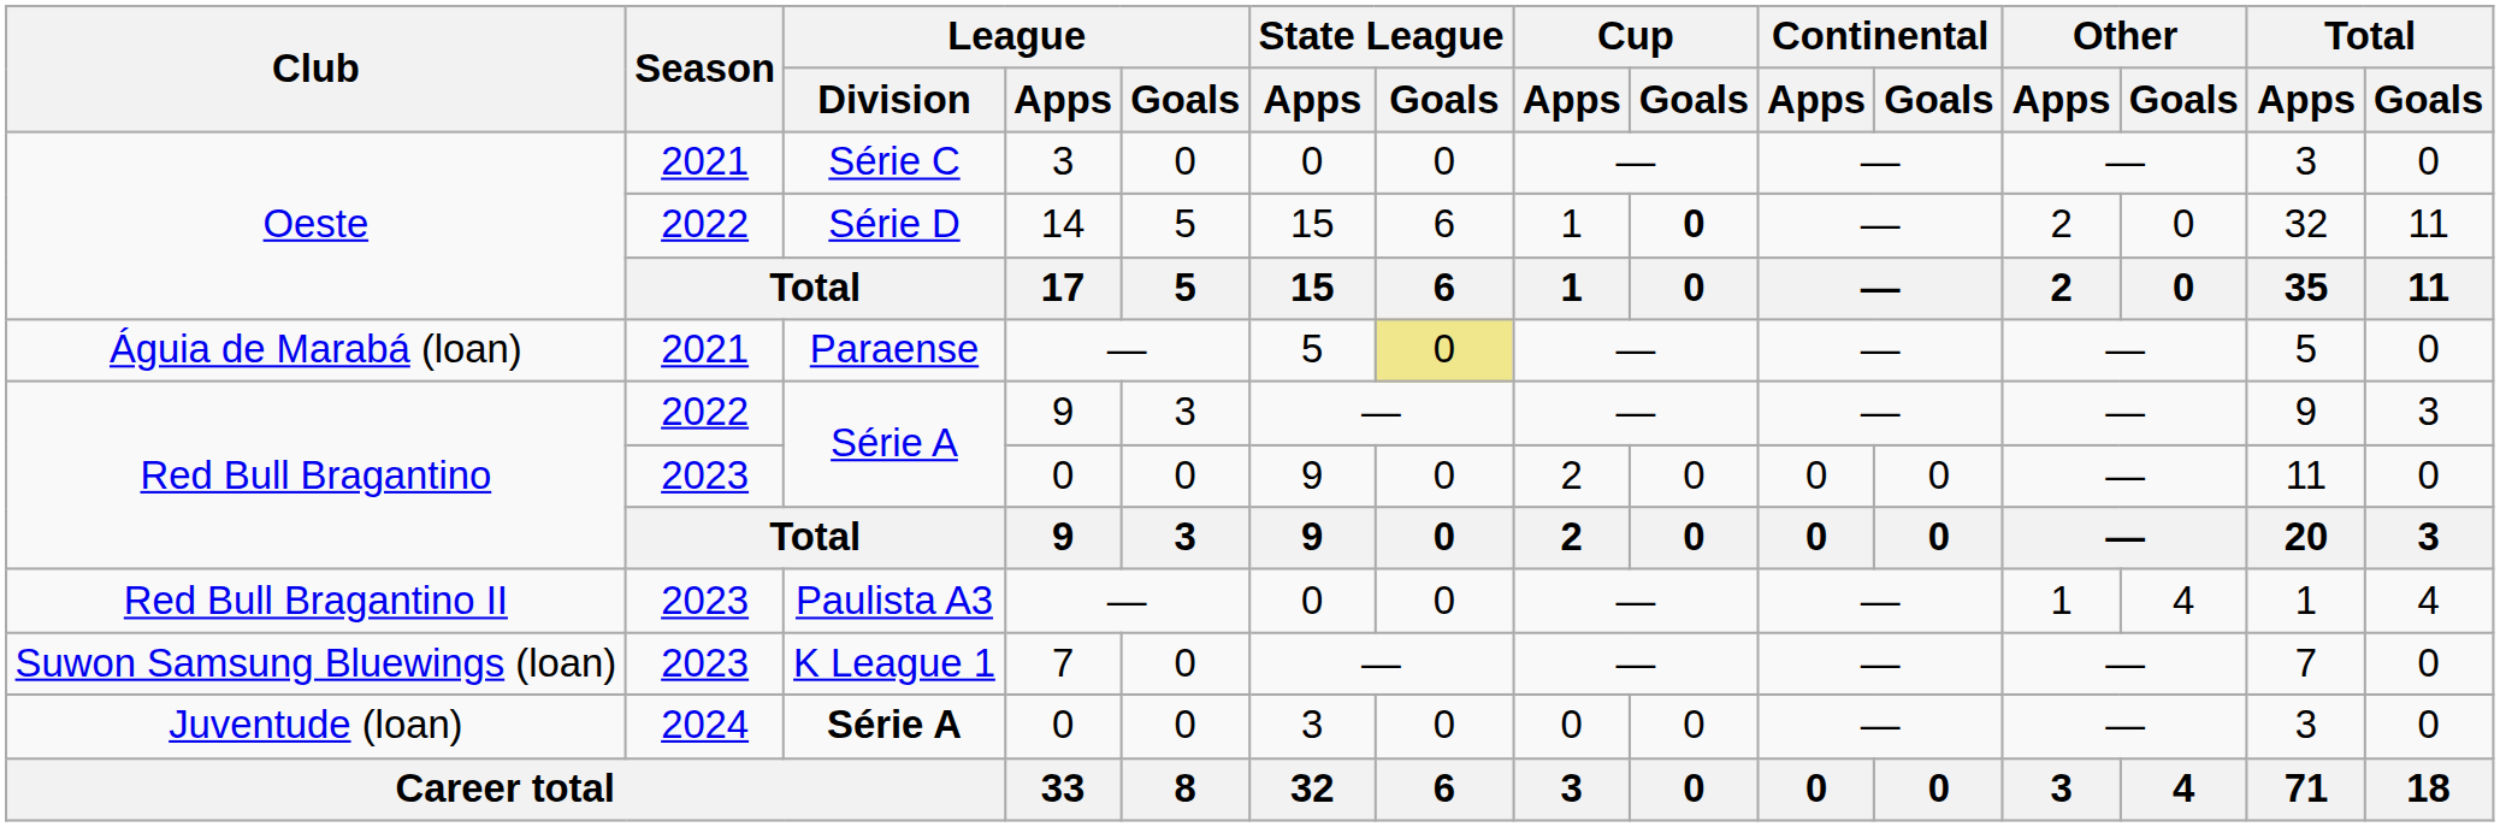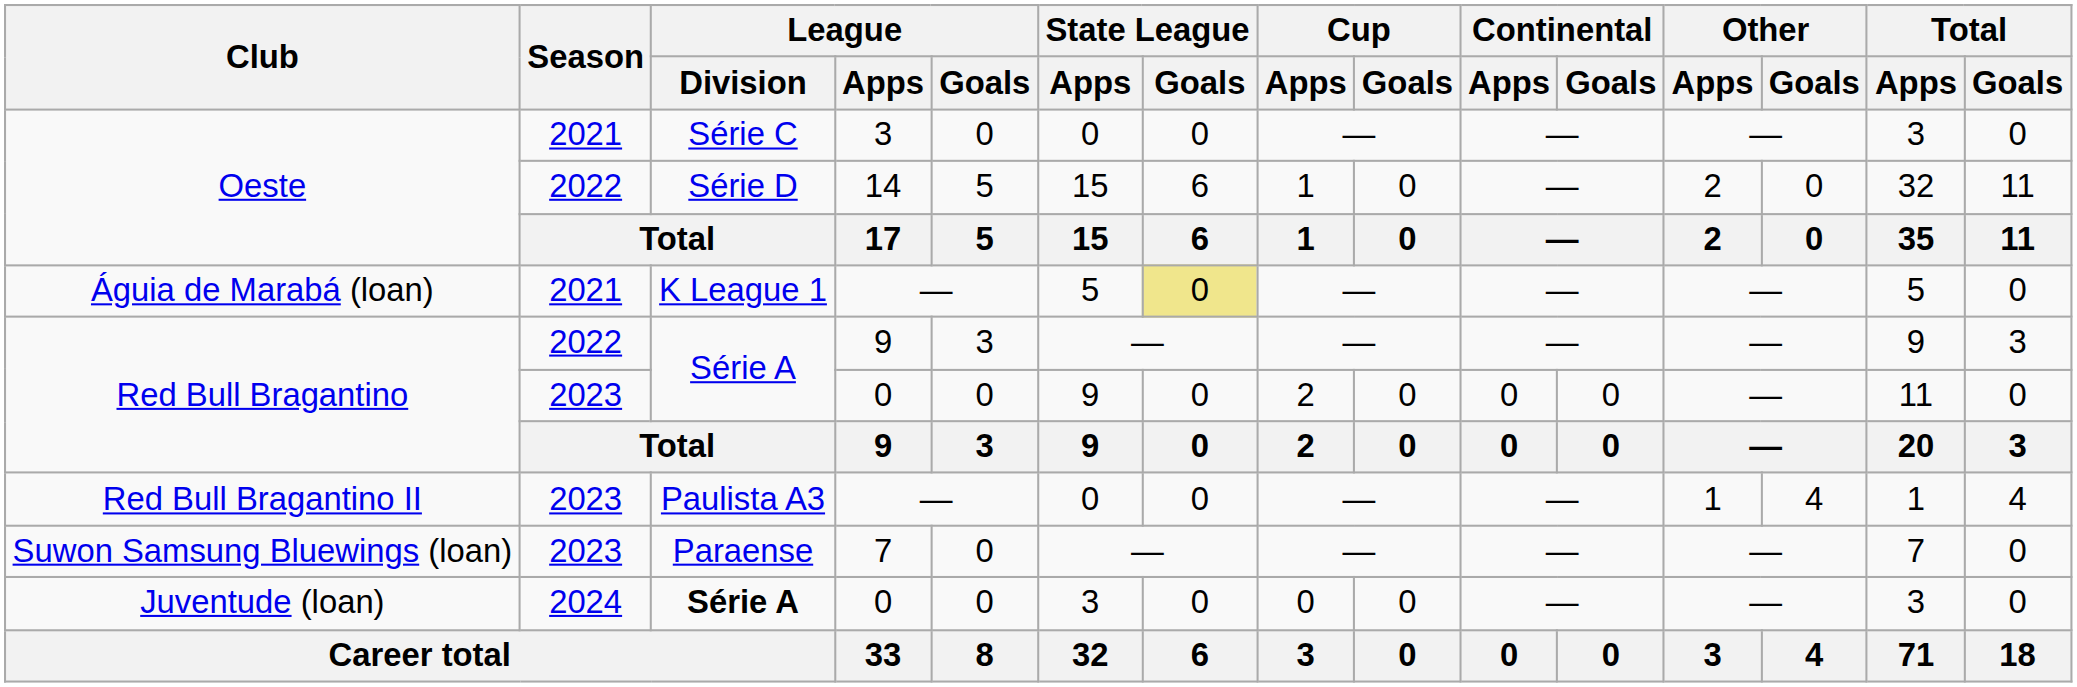 <table class="wikitable" style="text-align: center">
 <tr>
 <th rowspan="2">Club</th>
 <th rowspan="2">Season</th>
 <th colspan="3">League</th>
 <th colspan="2">State League</th>
 <th colspan="2">Cup</th>
 <th colspan="2">Continental</th>
 <th colspan="2">Other</th>
 <th colspan="2">Total</th>
 </tr>
 <tr>
 <th>Division</th>
 <th>Apps</th>
 <th>Goals</th>
 <th>Apps</th>
 <th>Goals</th>
 <th>Apps</th>
 <th>Goals</th>
 <th>Apps</th>
 <th>Goals</th>
 <th>Apps</th>
 <th>Goals</th>
 <th>Apps</th>
 <th>Goals</th>
 </tr>
 <tr>
 <td rowspan="3"><a href='#'>Oeste</a></td>
 <td><a href='#'>2021</a></td>
 <td><a href='#'>Série C</a></td>
 <td>3</td>
 <td>0</td>
 <td>0</td>
 <td>0</td>
 <td colspan="2">—</td>
 <td colspan="2">—</td>
 <td colspan="2">—</td>
 <td>3</td>
 <td>0</td>
 </tr>
 <tr>
 <td><a href='#'>2022</a></td>
 <td><a href='#'>Série D</a></td>
 <td>14</td>
 <td>5</td>
 <td>15</td>
 <td>6</td>
 <td>1</td>
-<td><strong>0</strong></td>
+<td>0</td>
 <td colspan="2">—</td>
 <td>2</td>
 <td>0</td>
 <td>32</td>
 <td>11</td>
 </tr>
 <tr>
 <th colspan="2">Total</th>
 <th>17</th>
 <th>5</th>
 <th>15</th>
 <th>6</th>
 <th>1</th>
 <th>0</th>
 <th colspan="2">—</th>
 <th>2</th>
 <th>0</th>
 <th>35</th>
 <th>11</th>
 </tr>
 <tr>
 <td><a href='#'>Águia de Marabá</a> (loan)</td>
 <td><a href='#'>2021</a></td>
-<td><a href='#'>Paraense</a></td>
+<td><a href='#'>K League 1</a></td>
 <td colspan="2">—</td>
 <td>5</td>
 <td style="background: khaki;">0</td>
 <td colspan="2">—</td>
 <td colspan="2">—</td>
 <td colspan="2">—</td>
 <td>5</td>
 <td>0</td>
 </tr>
 <tr>
 <td rowspan="3"><a href='#'>Red Bull Bragantino</a></td>
 <td><a href='#'>2022</a></td>
 <td rowspan="2"><a href='#'>Série A</a></td>
 <td>9</td>
 <td>3</td>
 <td colspan="2">—</td>
 <td colspan="2">—</td>
 <td colspan="2">—</td>
 <td colspan="2">—</td>
 <td>9</td>
 <td>3</td>
 </tr>
 <tr>
 <td><a href='#'>2023</a></td>
 <td>0</td>
 <td>0</td>
 <td>9</td>
 <td>0</td>
 <td>2</td>
 <td>0</td>
 <td>0</td>
 <td>0</td>
 <td colspan="2">—</td>
 <td>11</td>
 <td>0</td>
 </tr>
 <tr>
 <th colspan="2">Total</th>
 <th>9</th>
 <th>3</th>
 <th>9</th>
 <th>0</th>
 <th>2</th>
 <th>0</th>
 <th>0</th>
 <th>0</th>
 <th colspan="2">—</th>
 <th>20</th>
 <th>3</th>
 </tr>
 <tr>
 <td><a href='#'>Red Bull Bragantino II</a></td>
 <td><a href='#'>2023</a></td>
 <td><a href='#'>Paulista A3</a></td>
 <td colspan="2">—</td>
 <td>0</td>
 <td>0</td>
 <td colspan="2">—</td>
 <td colspan="2">—</td>
 <td>1</td>
 <td>4</td>
 <td>1</td>
 <td>4</td>
 </tr>
 <tr>
 <td><a href='#'>Suwon Samsung Bluewings</a> (loan)</td>
 <td><a href='#'>2023</a></td>
-<td><a href='#'>K League 1</a></td>
+<td><a href='#'>Paraense</a></td>
 <td>7</td>
 <td>0</td>
 <td colspan="2">—</td>
 <td colspan="2">—</td>
 <td colspan="2">—</td>
 <td colspan="2">—</td>
 <td>7</td>
 <td>0</td>
 </tr>
 <tr>
 <td><a href='#'>Juventude</a> (loan)</td>
 <td><a href='#'>2024</a></td>
 <td><strong>Série A</strong></td>
 <td>0</td>
 <td>0</td>
 <td>3</td>
 <td>0</td>
 <td>0</td>
 <td>0</td>
 <td colspan="2">—</td>
 <td colspan="2">—</td>
 <td>3</td>
 <td>0</td>
 </tr>
 <tr>
 <th colspan="3"><strong>Career total</strong></th>
 <th>33</th>
 <th>8</th>
 <th>32</th>
 <th>6</th>
 <th>3</th>
 <th>0</th>
 <th>0</th>
 <th>0</th>
 <th>3</th>
 <th>4</th>
 <th>71</th>
 <th>18</th>
 </tr>
 </table>
